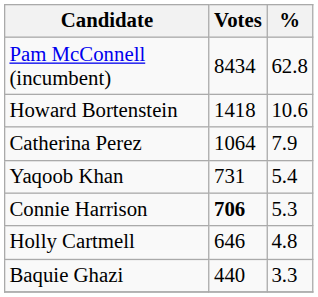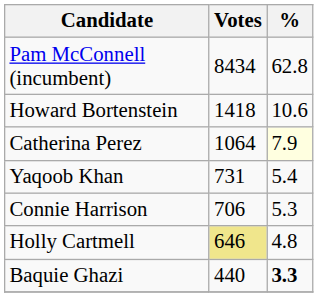 <table class="wikitable">
 <tr>
 <th bgcolor="#DDDDFF" width="150px">Candidate</th>
 <th bgcolor="#DDDDFF">Votes</th>
 <th bgcolor="#DDDDFF">%</th>
 </tr>
 <tr>
 <td><a href='#'>Pam McConnell</a> (incumbent)</td>
 <td>8434</td>
 <td>62.8</td>
 </tr>
 <tr>
 <td>Howard Bortenstein</td>
 <td>1418</td>
 <td>10.6</td>
 </tr>
 <tr>
 <td>Catherina Perez</td>
 <td>1064</td>
-<td>7.9</td>
+<td style="background: lightyellow;">7.9</td>
 </tr>
 <tr>
 <td>Yaqoob Khan</td>
 <td>731</td>
 <td>5.4</td>
 </tr>
 <tr>
 <td>Connie Harrison</td>
-<td><strong>706</strong></td>
+<td>706</td>
 <td>5.3</td>
 </tr>
 <tr>
 <td>Holly Cartmell</td>
-<td>646</td>
+<td style="background: khaki;">646</td>
 <td>4.8</td>
 </tr>
 <tr>
 <td>Baquie Ghazi</td>
 <td>440</td>
-<td>3.3</td>
+<td><strong>3.3</strong></td>
 </tr>
 <tr>
 </tr>
 </table>
